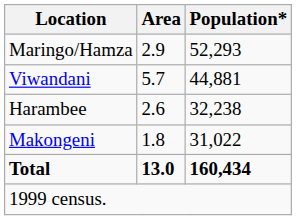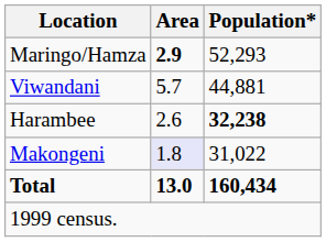 <table class="wikitable">
 <tr>
 <th>Location</th>
 <th>Area</th>
 <th>Population*</th>
 </tr>
 <tr>
 <td>Maringo/Hamza</td>
-<td>2.9</td>
+<td><strong>2.9</strong></td>
 <td>52,293</td>
 </tr>
 <tr>
 <td><a href='#'>Viwandani</a></td>
 <td>5.7</td>
 <td>44,881</td>
 </tr>
 <tr>
 <td>Harambee</td>
 <td>2.6</td>
-<td>32,238</td>
+<td><strong>32,238</strong></td>
 </tr>
 <tr>
 <td><a href='#'>Makongeni</a></td>
-<td>1.8</td>
+<td style="background: lavender;">1.8</td>
 <td>31,022</td>
 </tr>
 <tr>
 <td><strong>Total</strong></td>
 <td><strong>13.0</strong></td>
 <td><strong>160,434</strong></td>
 </tr>
 <tr>
 <td colspan="3">1999 census.</td>
 </tr>
 </table>
